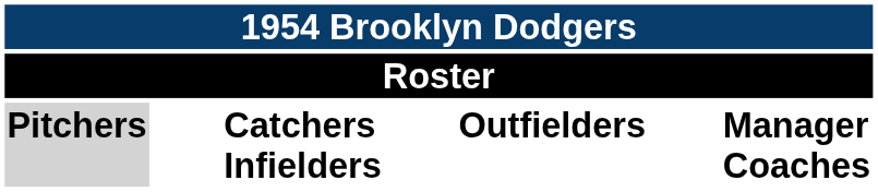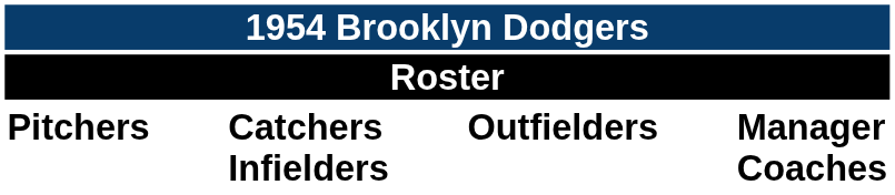 <table class="toccolours" style="font-size: 95%;">
 <tr>
 <th colspan="10" style="background-color: #083c6b; color: white; text-align: center;">1954 Brooklyn Dodgers</th>
 </tr>
 <tr>
 <td colspan="10" style="background-color: black; color: white; text-align: center;"><strong>Roster</strong></td>
 </tr>
 <tr>
-<td valign="top" style="background: lightgrey;"><strong>Pitchers</strong><br>                    </td>
+<td valign="top"><strong>Pitchers</strong><br>                    </td>
 <td width="25px"></td>
 <td valign="top"><strong>Catchers</strong><br>   <strong>Infielders</strong>        </td>
 <td width="25px"></td>
 <td valign="top"><strong>Outfielders</strong><br>       </td>
 <td width="25px"></td>
 <td valign="top"><strong>Manager</strong><br> <strong>Coaches</strong>   </td>
 </tr>
 </table>
